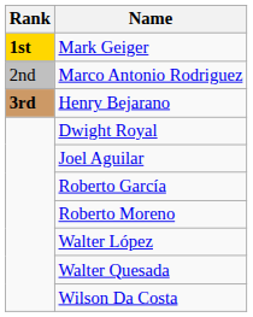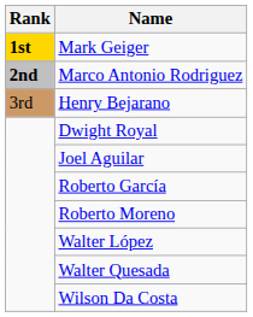 <table class="wikitable">
 <tr>
 <th>Rank</th>
 <th>Name</th>
 </tr>
 <tr>
 <td scope=col style="background-color: gold"><strong>1st</strong></td>
 <td> <a href='#'>Mark Geiger</a></td>
 </tr>
 <tr>
-<td scope=col style="background-color: silver">2nd</td>
+<td scope=col style="background-color: silver"><strong>2nd</strong></td>
 <td> <a href='#'>Marco Antonio Rodriguez</a></td>
 </tr>
 <tr>
-<td scope=col style="background-color: #cc9966"><strong>3rd</strong></td>
+<td scope=col style="background-color: #cc9966">3rd</td>
 <td> <a href='#'>Henry Bejarano</a></td>
 </tr>
 <tr>
 <td rowspan="7"></td>
 <td> <a href='#'>Dwight Royal</a></td>
 </tr>
 <tr>
 <td> <a href='#'>Joel Aguilar</a></td>
 </tr>
 <tr>
 <td> <a href='#'>Roberto García</a></td>
 </tr>
 <tr>
 <td> <a href='#'>Roberto Moreno</a></td>
 </tr>
 <tr>
 <td> <a href='#'>Walter López</a></td>
 </tr>
 <tr>
 <td> <a href='#'>Walter Quesada</a></td>
 </tr>
 <tr>
 <td> <a href='#'>Wilson Da Costa</a></td>
 </tr>
 </table>
